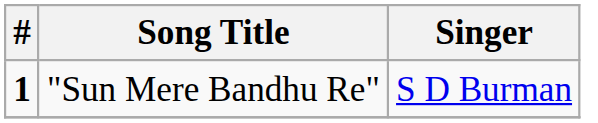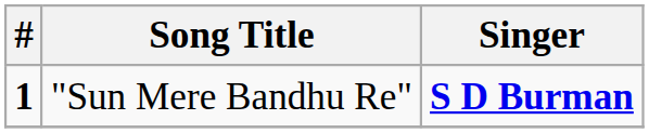 <table class="wikitable">
 <tr>
 <th>#</th>
 <th>Song Title</th>
 <th>Singer</th>
 </tr>
 <tr>
 <td><strong>1</strong></td>
 <td>"Sun Mere Bandhu Re"</td>
-<td><a href='#'>S D Burman</a></td>
+<td><strong><a href='#'>S D Burman</a></strong></td>
 </tr>
 <tr>
 </tr>
 </table>
